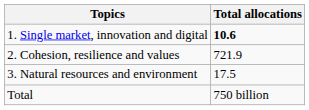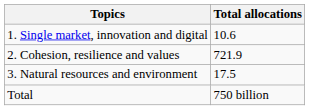 <table class="wikitable">
 <tr>
 <th>Topics</th>
 <th>Total allocations</th>
 </tr>
 <tr>
 <td>1. <a href='#'>Single market</a>, innovation and digital</td>
-<td><strong>10.6</strong></td>
+<td>10.6</td>
 </tr>
 <tr>
 <td>2. Cohesion, resilience and values</td>
 <td>721.9</td>
 </tr>
 <tr>
 <td>3. Natural resources and environment</td>
 <td>17.5</td>
 </tr>
 <tr>
 <td>Total</td>
 <td>750 billion</td>
 </tr>
 </table>
